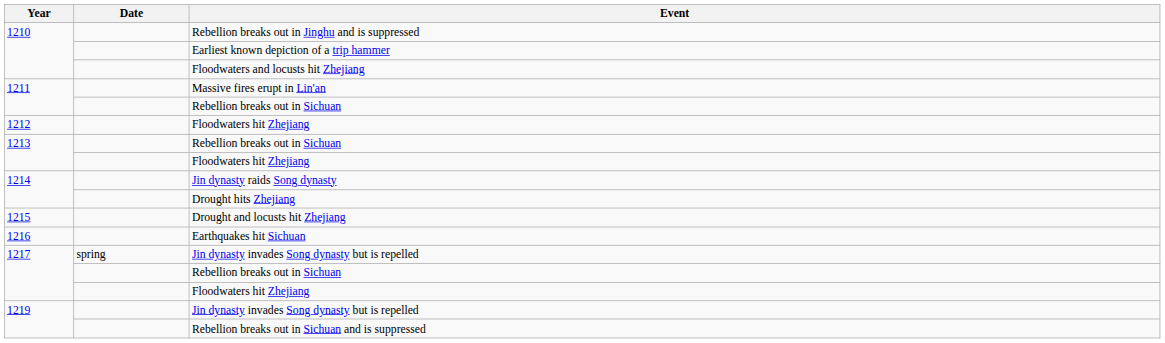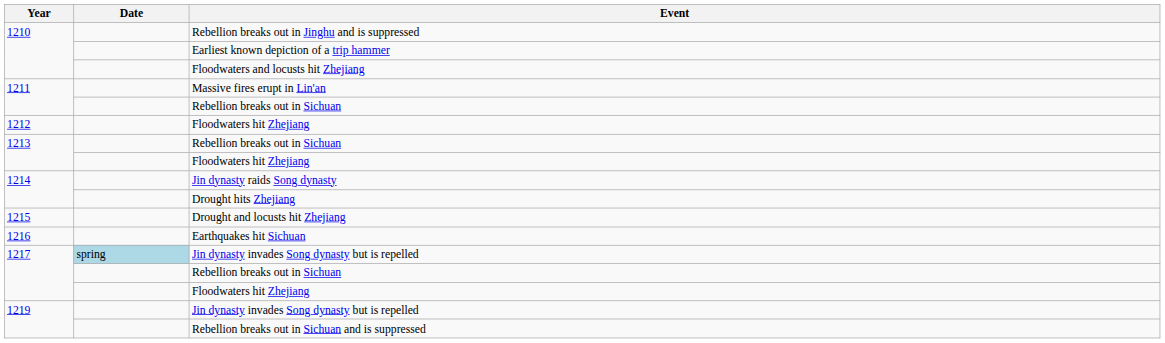 <table class="wikitable" width="100%">
 <tr>
 <th style="width:6%">Year</th>
 <th style="width:10%">Date</th>
 <th>Event</th>
 </tr>
 <tr>
 <td rowspan="3" valign="top"><a href='#'>1210</a></td>
 <td></td>
 <td>Rebellion breaks out in <a href='#'>Jinghu</a> and is suppressed</td>
 </tr>
 <tr>
 <td></td>
 <td>Earliest known depiction of a <a href='#'>trip hammer</a></td>
 </tr>
 <tr>
 <td></td>
 <td>Floodwaters and locusts hit <a href='#'>Zhejiang</a></td>
 </tr>
 <tr>
 <td rowspan="2" valign="top"><a href='#'>1211</a></td>
 <td></td>
 <td>Massive fires erupt in <a href='#'>Lin'an</a></td>
 </tr>
 <tr>
 <td></td>
 <td>Rebellion breaks out in <a href='#'>Sichuan</a></td>
 </tr>
 <tr>
 <td><a href='#'>1212</a></td>
 <td></td>
 <td>Floodwaters hit <a href='#'>Zhejiang</a></td>
 </tr>
 <tr>
 <td rowspan="2" valign="top"><a href='#'>1213</a></td>
 <td></td>
 <td>Rebellion breaks out in <a href='#'>Sichuan</a></td>
 </tr>
 <tr>
 <td></td>
 <td>Floodwaters hit <a href='#'>Zhejiang</a></td>
 </tr>
 <tr>
 <td rowspan="2" valign="top"><a href='#'>1214</a></td>
 <td></td>
 <td><a href='#'>Jin dynasty</a> raids <a href='#'>Song dynasty</a></td>
 </tr>
 <tr>
 <td></td>
 <td>Drought hits <a href='#'>Zhejiang</a></td>
 </tr>
 <tr>
 <td><a href='#'>1215</a></td>
 <td></td>
 <td>Drought and locusts hit <a href='#'>Zhejiang</a></td>
 </tr>
 <tr>
 <td><a href='#'>1216</a></td>
 <td></td>
 <td>Earthquakes hit <a href='#'>Sichuan</a></td>
 </tr>
 <tr>
 <td rowspan="3" valign="top"><a href='#'>1217</a></td>
-<td>spring</td>
+<td style="background: lightblue;">spring</td>
 <td><a href='#'>Jin dynasty</a> invades <a href='#'>Song dynasty</a> but is repelled</td>
 </tr>
 <tr>
 <td></td>
 <td>Rebellion breaks out in <a href='#'>Sichuan</a></td>
 </tr>
 <tr>
 <td></td>
 <td>Floodwaters hit <a href='#'>Zhejiang</a></td>
 </tr>
 <tr>
 <td rowspan="2" valign="top"><a href='#'>1219</a></td>
 <td></td>
 <td><a href='#'>Jin dynasty</a> invades <a href='#'>Song dynasty</a> but is repelled</td>
 </tr>
 <tr>
 <td></td>
 <td>Rebellion breaks out in <a href='#'>Sichuan</a> and is suppressed</td>
 </tr>
 </table>
